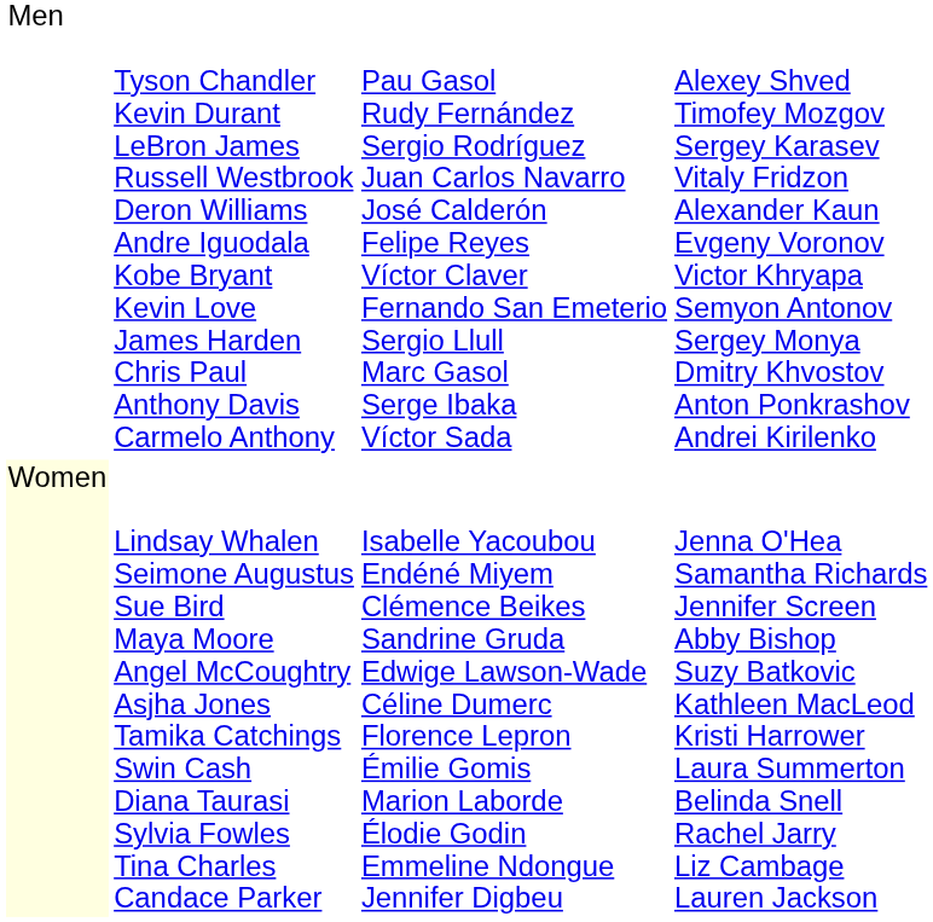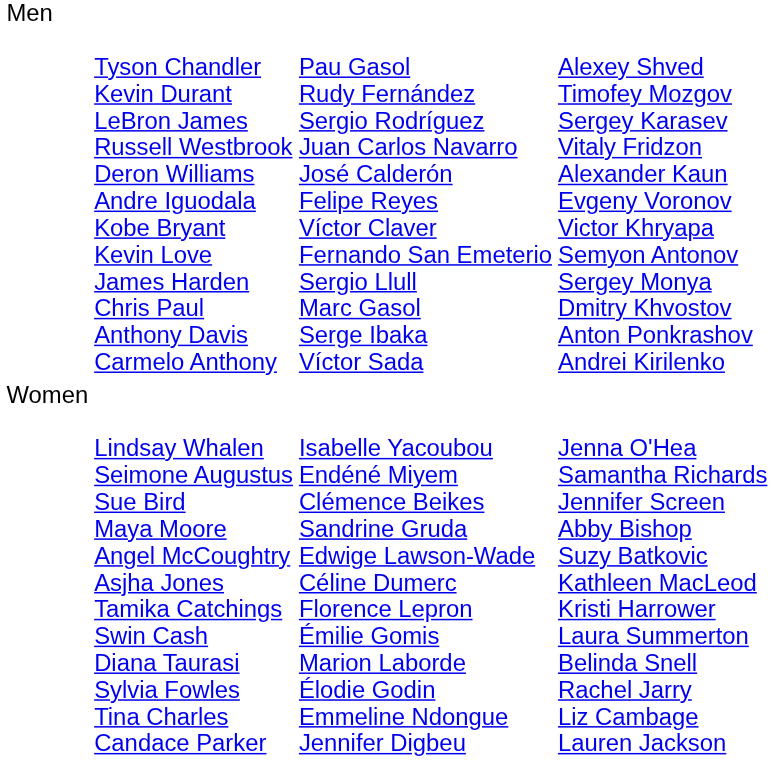 <table>
 <tr valign="top">
 <td>Men<br></td>
 <td><br><br><a href='#'>Tyson Chandler</a><br> <a href='#'>Kevin Durant</a><br> <a href='#'>LeBron James</a><br> <a href='#'>Russell Westbrook</a><br> <a href='#'>Deron Williams</a><br> <a href='#'>Andre Iguodala</a><br> <a href='#'>Kobe Bryant</a><br> <a href='#'>Kevin Love</a><br> <a href='#'>James Harden</a><br> <a href='#'>Chris Paul</a><br> <a href='#'>Anthony Davis</a><br> <a href='#'>Carmelo Anthony</a><br></td>
 <td><br><br><a href='#'>Pau Gasol</a><br> <a href='#'>Rudy Fernández</a><br> <a href='#'>Sergio Rodríguez</a><br> <a href='#'>Juan Carlos Navarro</a><br> <a href='#'>José Calderón</a><br> <a href='#'>Felipe Reyes</a><br> <a href='#'>Víctor Claver</a><br> <a href='#'>Fernando San Emeterio</a><br> <a href='#'>Sergio Llull</a><br> <a href='#'>Marc Gasol</a><br> <a href='#'>Serge Ibaka</a><br> <a href='#'>Víctor Sada</a><br></td>
 <td><br><br><a href='#'>Alexey Shved</a><br> <a href='#'>Timofey Mozgov</a><br> <a href='#'>Sergey Karasev</a><br> <a href='#'>Vitaly Fridzon</a><br> <a href='#'>Alexander Kaun</a><br> <a href='#'>Evgeny Voronov</a><br> <a href='#'>Victor Khryapa</a><br> <a href='#'>Semyon Antonov</a><br> <a href='#'>Sergey Monya</a><br> <a href='#'>Dmitry Khvostov</a><br> <a href='#'>Anton Ponkrashov</a><br> <a href='#'>Andrei Kirilenko</a><br></td>
 </tr>
 <tr valign="top">
-<td style="background: lightyellow;">Women<br></td>
+<td>Women<br></td>
 <td><br><br><a href='#'>Lindsay Whalen</a><br> <a href='#'>Seimone Augustus</a><br> <a href='#'>Sue Bird</a><br> <a href='#'>Maya Moore</a><br> <a href='#'>Angel McCoughtry</a><br> <a href='#'>Asjha Jones</a><br> <a href='#'>Tamika Catchings</a><br> <a href='#'>Swin Cash</a><br> <a href='#'>Diana Taurasi</a><br> <a href='#'>Sylvia Fowles</a><br> <a href='#'>Tina Charles</a><br> <a href='#'>Candace Parker</a><br></td>
 <td><br><br><a href='#'>Isabelle Yacoubou</a><br> <a href='#'>Endéné Miyem</a><br> <a href='#'>Clémence Beikes</a><br> <a href='#'>Sandrine Gruda</a><br> <a href='#'>Edwige Lawson-Wade</a><br> <a href='#'>Céline Dumerc</a><br> <a href='#'>Florence Lepron</a><br> <a href='#'>Émilie Gomis</a><br> <a href='#'>Marion Laborde</a><br> <a href='#'>Élodie Godin</a><br> <a href='#'>Emmeline Ndongue</a><br> <a href='#'>Jennifer Digbeu</a><br></td>
 <td><br><br><a href='#'>Jenna O'Hea</a><br> <a href='#'>Samantha Richards</a><br> <a href='#'>Jennifer Screen</a><br> <a href='#'>Abby Bishop</a><br> <a href='#'>Suzy Batkovic</a><br> <a href='#'>Kathleen MacLeod</a><br> <a href='#'>Kristi Harrower</a><br> <a href='#'>Laura Summerton</a><br> <a href='#'>Belinda Snell</a><br> <a href='#'>Rachel Jarry</a><br> <a href='#'>Liz Cambage</a><br> <a href='#'>Lauren Jackson</a><br></td>
 </tr>
 </table>
